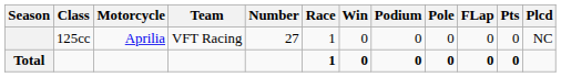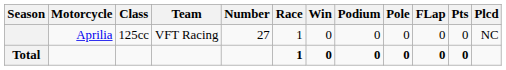 <table class="wikitable">
 <tr>
 <th>Season</th>
+<th>Motorcycle</th>
 <th>Class</th>
-<th>Motorcycle</th>
 <th>Team</th>
 <th>Number</th>
 <th>Race</th>
 <th>Win</th>
 <th>Podium</th>
 <th>Pole</th>
 <th>FLap</th>
 <th>Pts</th>
 <th>Plcd</th>
 </tr>
 <tr align="right">
 <th></th>
+<td><a href='#'>Aprilia</a></td>
 <td>125cc</td>
-<td><a href='#'>Aprilia</a></td>
 <td>VFT Racing</td>
 <td>27</td>
 <td>1</td>
 <td>0</td>
 <td>0</td>
 <td>0</td>
 <td>0</td>
 <td>0</td>
 <td>NC</td>
 </tr>
 <tr align="right">
 <th>Total</th>
 <td></td>
 <td></td>
 <td></td>
 <td></td>
 <td><strong>1</strong></td>
 <td><strong>0</strong></td>
 <td><strong>0</strong></td>
 <td><strong>0</strong></td>
 <td><strong>0</strong></td>
 <td><strong>0</strong></td>
 <td></td>
 </tr>
 </table>
